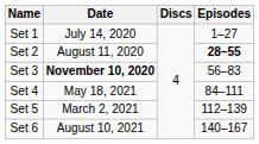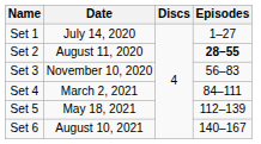 <table class="wikitable" style="text-align:center;">
 <tr>
 <th>Name</th>
 <th>Date</th>
 <th>Discs</th>
 <th>Episodes</th>
 </tr>
 <tr>
 <td>Set 1</td>
 <td>July 14, 2020</td>
 <td rowspan="6">4</td>
 <td>1–27</td>
 </tr>
 <tr>
 <td>Set 2</td>
 <td>August 11, 2020</td>
 <td><strong>28–55</strong></td>
 </tr>
 <tr>
 <td>Set 3</td>
-<td><strong>November 10, 2020</strong></td>
+<td>November 10, 2020</td>
 <td>56–83</td>
 </tr>
 <tr>
 <td>Set 4</td>
-<td>May 18, 2021</td>
+<td>March 2, 2021</td>
 <td>84–111</td>
 </tr>
 <tr>
 <td>Set 5</td>
-<td>March 2, 2021</td>
+<td>May 18, 2021</td>
 <td>112–139</td>
 </tr>
 <tr>
 <td>Set 6</td>
 <td>August 10, 2021</td>
 <td>140–167</td>
 </tr>
 </table>
